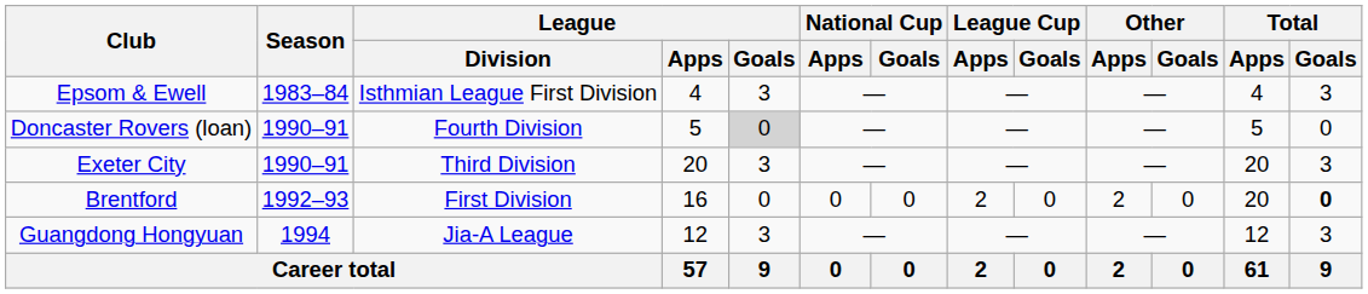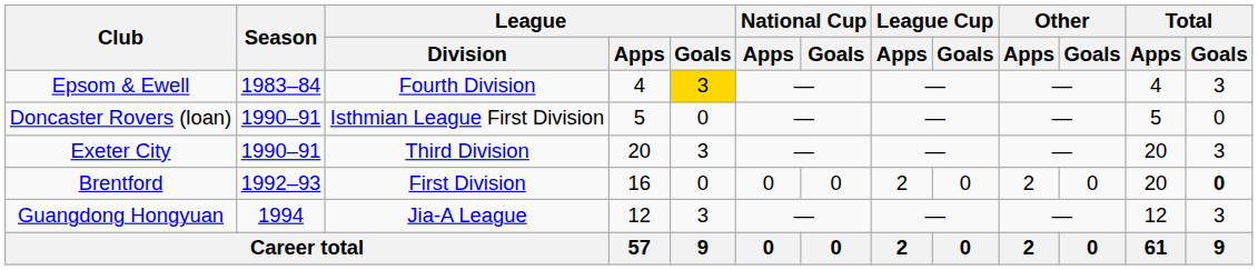 <table class="wikitable" style="text-align: center;">
 <tr>
 <th rowspan="2">Club</th>
 <th rowspan="2">Season</th>
 <th colspan="3">League</th>
 <th colspan="2">National Cup</th>
 <th colspan="2">League Cup</th>
 <th colspan="2">Other</th>
 <th colspan="2">Total</th>
 </tr>
 <tr>
 <th>Division</th>
 <th>Apps</th>
 <th>Goals</th>
 <th>Apps</th>
 <th>Goals</th>
 <th>Apps</th>
 <th>Goals</th>
 <th>Apps</th>
 <th>Goals</th>
 <th>Apps</th>
 <th>Goals</th>
 </tr>
 <tr>
 <td><a href='#'>Epsom & Ewell</a></td>
 <td><a href='#'>1983–84</a></td>
-<td><a href='#'>Isthmian League</a> First Division</td>
+<td><a href='#'>Fourth Division</a></td>
 <td>4</td>
-<td>3</td>
+<td style="background: gold;">3</td>
 <td colspan="2">—</td>
 <td colspan="2">—</td>
 <td colspan="2">—</td>
 <td>4</td>
 <td>3</td>
 </tr>
 <tr>
 <td><a href='#'>Doncaster Rovers</a> (loan)</td>
 <td><a href='#'>1990–91</a></td>
-<td><a href='#'>Fourth Division</a></td>
+<td><a href='#'>Isthmian League</a> First Division</td>
 <td>5</td>
-<td style="background: lightgrey;">0</td>
+<td>0</td>
 <td colspan="2">—</td>
 <td colspan="2">—</td>
 <td colspan="2">—</td>
 <td>5</td>
 <td>0</td>
 </tr>
 <tr>
 <td><a href='#'>Exeter City</a></td>
 <td><a href='#'>1990–91</a></td>
 <td><a href='#'>Third Division</a></td>
 <td>20</td>
 <td>3</td>
 <td colspan="2">—</td>
 <td colspan="2">—</td>
 <td colspan="2">—</td>
 <td>20</td>
 <td>3</td>
 </tr>
 <tr>
 <td><a href='#'>Brentford</a></td>
 <td><a href='#'>1992–93</a></td>
 <td><a href='#'>First Division</a></td>
 <td>16</td>
 <td>0</td>
 <td>0</td>
 <td>0</td>
 <td>2</td>
 <td>0</td>
 <td>2</td>
 <td>0</td>
 <td>20</td>
 <td><strong>0</strong></td>
 </tr>
 <tr>
 <td><a href='#'>Guangdong Hongyuan</a></td>
 <td><a href='#'>1994</a></td>
 <td><a href='#'>Jia-A League</a></td>
 <td>12</td>
 <td>3</td>
 <td colspan="2">—</td>
 <td colspan="2">—</td>
 <td colspan="2">—</td>
 <td>12</td>
 <td>3</td>
 </tr>
 <tr>
 <th colspan="3">Career total</th>
 <th>57</th>
 <th>9</th>
 <th>0</th>
 <th>0</th>
 <th>2</th>
 <th>0</th>
 <th>2</th>
 <th>0</th>
 <th>61</th>
 <th>9</th>
 </tr>
 </table>
